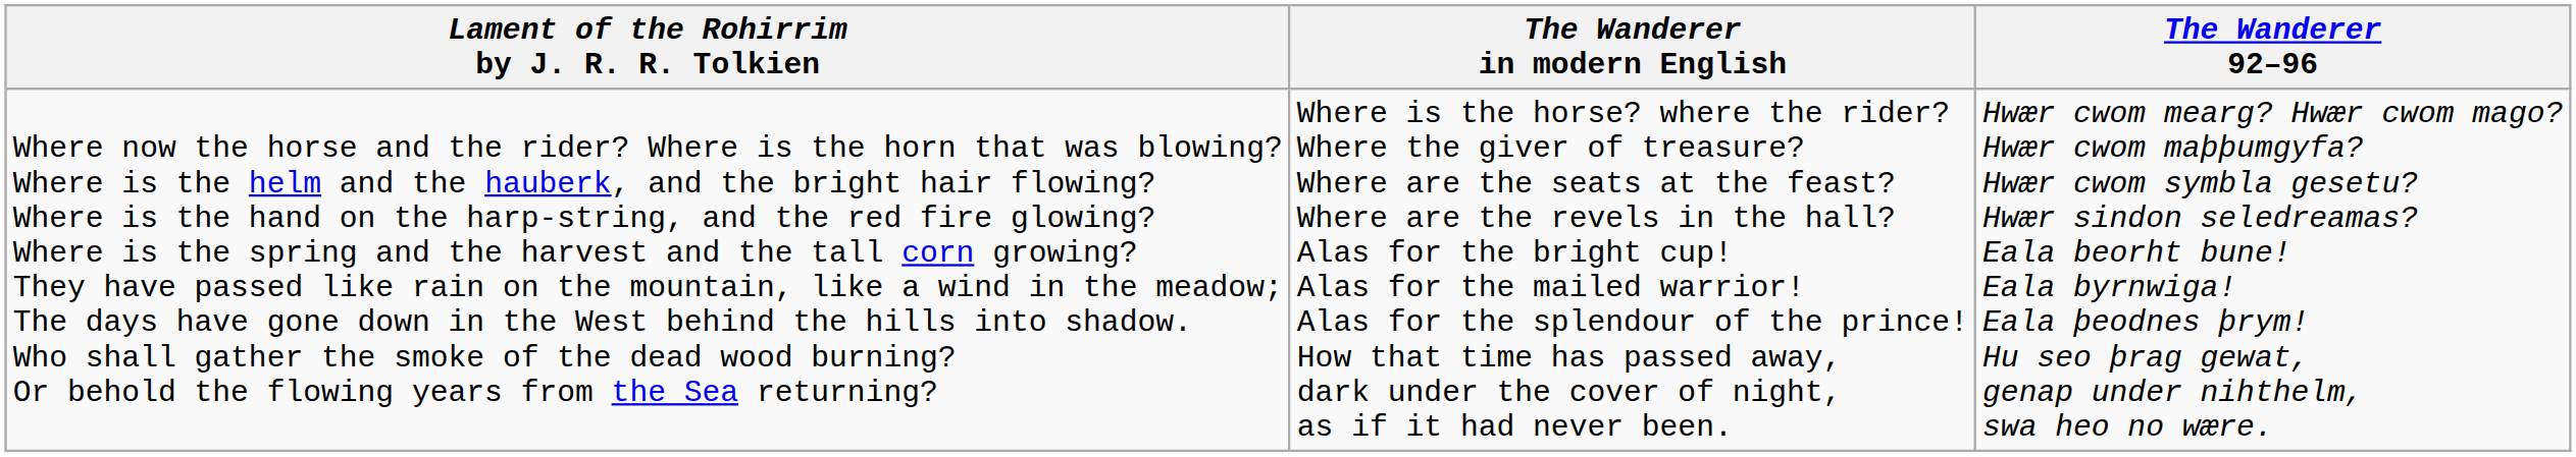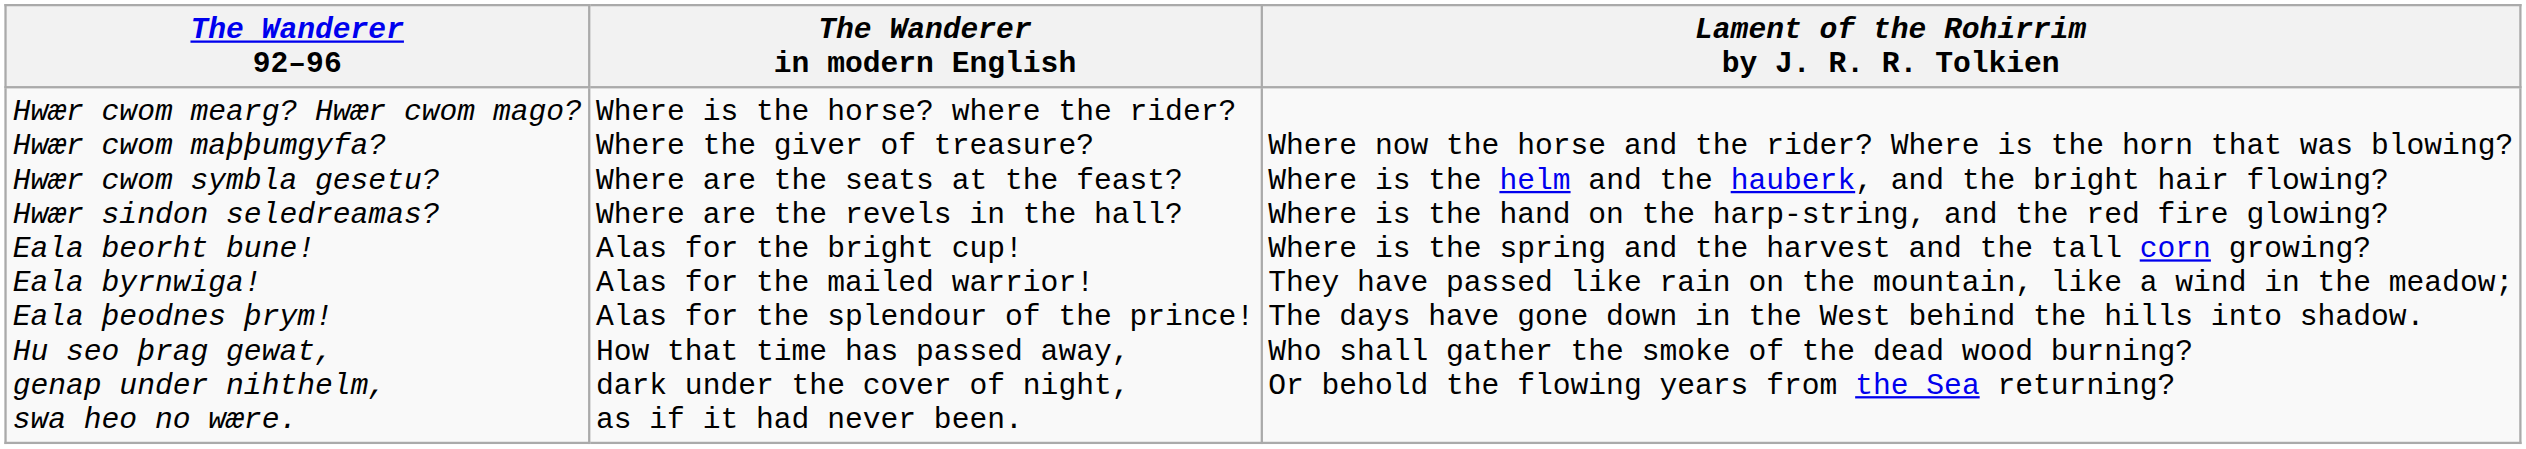 <table class="wikitable" style="margin:1em auto;">
 <tr>
+<th><em><a href='#'>The Wanderer</a></em><br>92–96</th>
+<th><em>The Wanderer</em><br>in modern English</th>
 <th><em>Lament of the Rohirrim</em><br>by J. R. R. Tolkien</th>
-<th><em>The Wanderer</em><br>in modern English</th>
-<th><em><a href='#'>The Wanderer</a></em><br>92–96</th>
 </tr>
 <tr>
+<td><em>Hwær cwom mearg? Hwær cwom mago?<br>Hwær cwom maþþumgyfa?<br>Hwær cwom symbla gesetu?	<br>Hwær sindon seledreamas?<br>Eala beorht bune!<br>Eala byrnwiga!<br>Eala þeodnes þrym!<br>Hu seo þrag gewat,<br>genap under nihthelm,<br>swa heo no wære.</em></td>
+<td>Where is the horse? where the rider?<br>Where the giver of treasure?<br>Where are the seats at the feast?<br>Where are the revels in the hall?<br>Alas for the bright cup!<br>Alas for the mailed warrior!<br>Alas for the splendour of the prince!<br>How that time has passed away,<br>dark under the cover of night,<br>as if it had never been.</td>
 <td>Where now the horse and the rider? Where is the horn that was blowing?<br>Where is the <a href='#'>helm</a> and the <a href='#'>hauberk</a>, and the bright hair flowing?<br>Where is the hand on the harp-string, and the red fire glowing?<br>Where is the spring and the harvest and the tall <a href='#'>corn</a> growing?<br>They have passed like rain on the mountain, like a wind in the meadow;<br>The days have gone down in the West behind the hills into shadow.<br>Who shall gather the smoke of the dead wood burning?<br>Or behold the flowing years from <a href='#'>the Sea</a> returning?</td>
-<td>Where is the horse? where the rider?<br>Where the giver of treasure?<br>Where are the seats at the feast?<br>Where are the revels in the hall?<br>Alas for the bright cup!<br>Alas for the mailed warrior!<br>Alas for the splendour of the prince!<br>How that time has passed away,<br>dark under the cover of night,<br>as if it had never been.</td>
-<td><em>Hwær cwom mearg? Hwær cwom mago?<br>Hwær cwom maþþumgyfa?<br>Hwær cwom symbla gesetu?	<br>Hwær sindon seledreamas?<br>Eala beorht bune!<br>Eala byrnwiga!<br>Eala þeodnes þrym!<br>Hu seo þrag gewat,<br>genap under nihthelm,<br>swa heo no wære.</em></td>
 </tr>
 </table>
